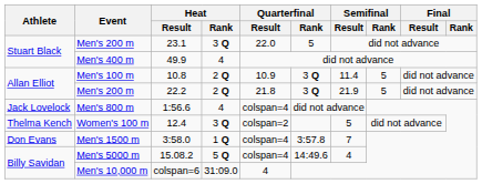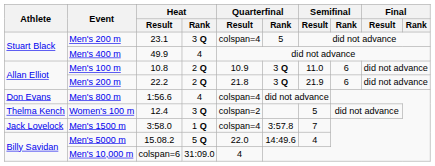 <table class=wikitable style=font-size:90%>
 <tr>
 <th rowspan=2>Athlete</th>
 <th rowspan=2>Event</th>
 <th colspan=2>Heat</th>
 <th colspan=2>Quarterfinal</th>
 <th colspan=2>Semifinal</th>
 <th colspan=2>Final</th>
 </tr>
 <tr style=font-size:95%>
 <th>Result</th>
 <th>Rank</th>
 <th>Result</th>
 <th>Rank</th>
 <th>Result</th>
 <th>Rank</th>
 <th>Result</th>
 <th>Rank</th>
 </tr>
 <tr align=center>
 <td align=left rowspan=2><a href='#'>Stuart Black</a></td>
 <td align=left><a href='#'>Men's 200 m</a></td>
 <td>23.1</td>
 <td>3 <strong>Q</strong></td>
-<td>22.0</td>
+<td>colspan=4 </td>
 <td>5</td>
 <td colspan=4>did not advance</td>
 </tr>
 <tr align=center>
 <td align=left><a href='#'>Men's 400 m</a></td>
 <td>49.9</td>
 <td>4</td>
 <td colspan=6>did not advance</td>
 </tr>
 <tr align=center>
 <td align=left rowspan=2><a href='#'>Allan Elliot</a></td>
 <td align=left><a href='#'>Men's 100 m</a></td>
 <td>10.8</td>
 <td>2 <strong>Q</strong></td>
 <td>10.9</td>
 <td>3 <strong>Q</strong></td>
-<td>11.4</td>
-<td>5</td>
+<td>11.0</td>
+<td>6</td>
 <td colspan=2>did not advance</td>
 </tr>
 <tr align=center>
 <td align=left><a href='#'>Men's 200 m</a></td>
 <td>22.2</td>
 <td>2 <strong>Q</strong></td>
 <td>21.8</td>
 <td>3 <strong>Q</strong></td>
 <td>21.9</td>
-<td>5</td>
+<td>6</td>
 <td colspan=2>did not advance</td>
 </tr>
 <tr align=center>
-<td align=left><a href='#'>Jack Lovelock</a></td>
+<td align=left><a href='#'>Don Evans</a></td>
 <td align=left><a href='#'>Men's 800 m</a></td>
 <td>1:56.6</td>
 <td>4</td>
 <td>colspan=4 </td>
 <td colspan=2>did not advance</td>
 </tr>
 <tr align=center>
 <td align=left><a href='#'>Thelma Kench</a></td>
 <td align=left><a href='#'>Women's 100 m</a></td>
 <td>12.4</td>
 <td>3 <strong>Q</strong></td>
 <td>colspan=2 </td>
 <td></td>
 <td>5</td>
 <td colspan=2>did not advance</td>
 </tr>
 <tr align=center>
-<td align=left><a href='#'>Don Evans</a></td>
+<td align=left><a href='#'>Jack Lovelock</a></td>
 <td align=left><a href='#'>Men's 1500 m</a></td>
 <td>3:58.0</td>
 <td>1 <strong>Q</strong></td>
 <td>colspan=4 </td>
 <td>3:57.8</td>
 <td>7</td>
 </tr>
 <tr align=center>
 <td align=left rowspan=2><a href='#'>Billy Savidan</a></td>
 <td align=left><a href='#'>Men's 5000 m</a></td>
 <td>15.08.2</td>
 <td>5 <strong>Q</strong></td>
-<td>colspan=4 </td>
+<td>22.0</td>
 <td>14:49.6</td>
 <td>4</td>
 </tr>
 <tr align=center>
 <td align=left><a href='#'>Men's 10,000 m</a></td>
 <td>colspan=6 </td>
 <td>31:09.0</td>
 <td>4</td>
 </tr>
 </table>
